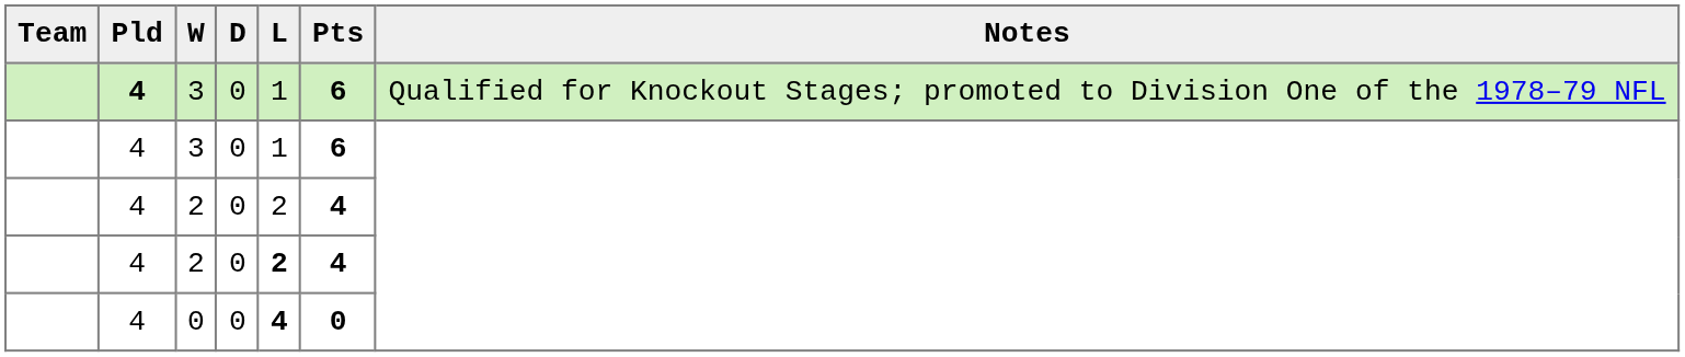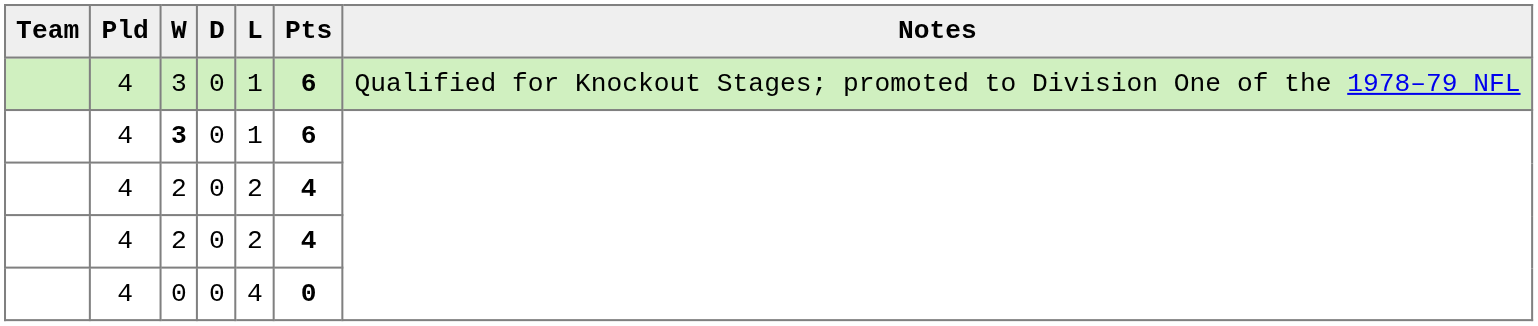 <table style=border-collapse:collapse border=1 cellspacing=0 cellpadding=5>
 <tr align=center bgcolor=#efefef>
 <th>Team</th>
 <th>Pld</th>
 <th>W</th>
 <th>D</th>
 <th>L</th>
 <th>Pts</th>
 <th>Notes</th>
 </tr>
 <tr align=center style="background:#D0F0C0;">
 <td style="text-align:left;"> </td>
-<td><strong>4</strong></td>
+<td>4</td>
 <td>3</td>
 <td>0</td>
 <td>1</td>
 <td><strong>6</strong></td>
 <td rowspan=1>Qualified for Knockout Stages; promoted to Division One of the <a href='#'>1978–79 NFL</a></td>
 </tr>
 <tr align=center style="background:#FFFFFF;">
 <td style="text-align:left;"> </td>
 <td>4</td>
-<td>3</td>
+<td><strong>3</strong></td>
 <td>0</td>
 <td>1</td>
 <td><strong>6</strong></td>
 <td rowspan=4></td>
 </tr>
 <tr align=center style="background:#FFFFFF;">
 <td style="text-align:left;"> </td>
 <td>4</td>
 <td>2</td>
 <td>0</td>
 <td>2</td>
 <td><strong>4</strong></td>
 </tr>
 <tr align=center style="background:#FFFFFF;">
 <td style="text-align:left;"> </td>
 <td>4</td>
 <td>2</td>
 <td>0</td>
-<td><strong>2</strong></td>
+<td>2</td>
 <td><strong>4</strong></td>
 </tr>
 <tr align=center style="background:#FFFFFF;">
 <td style="text-align:left;"> </td>
 <td>4</td>
 <td>0</td>
 <td>0</td>
-<td><strong>4</strong></td>
+<td>4</td>
 <td><strong>0</strong></td>
 </tr>
 </table>
